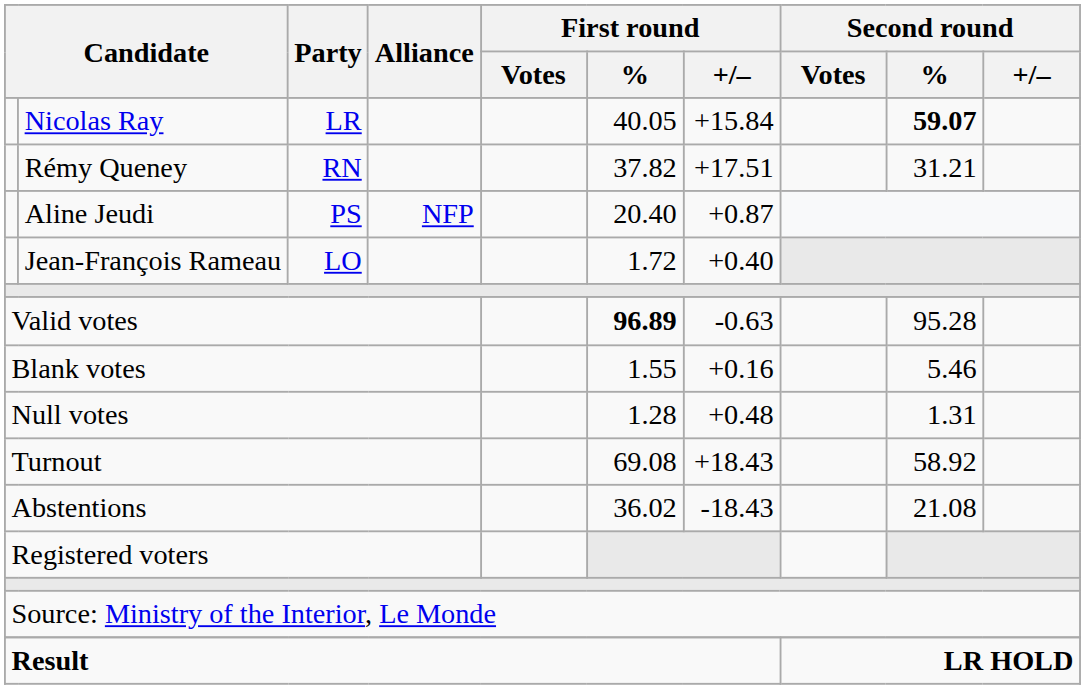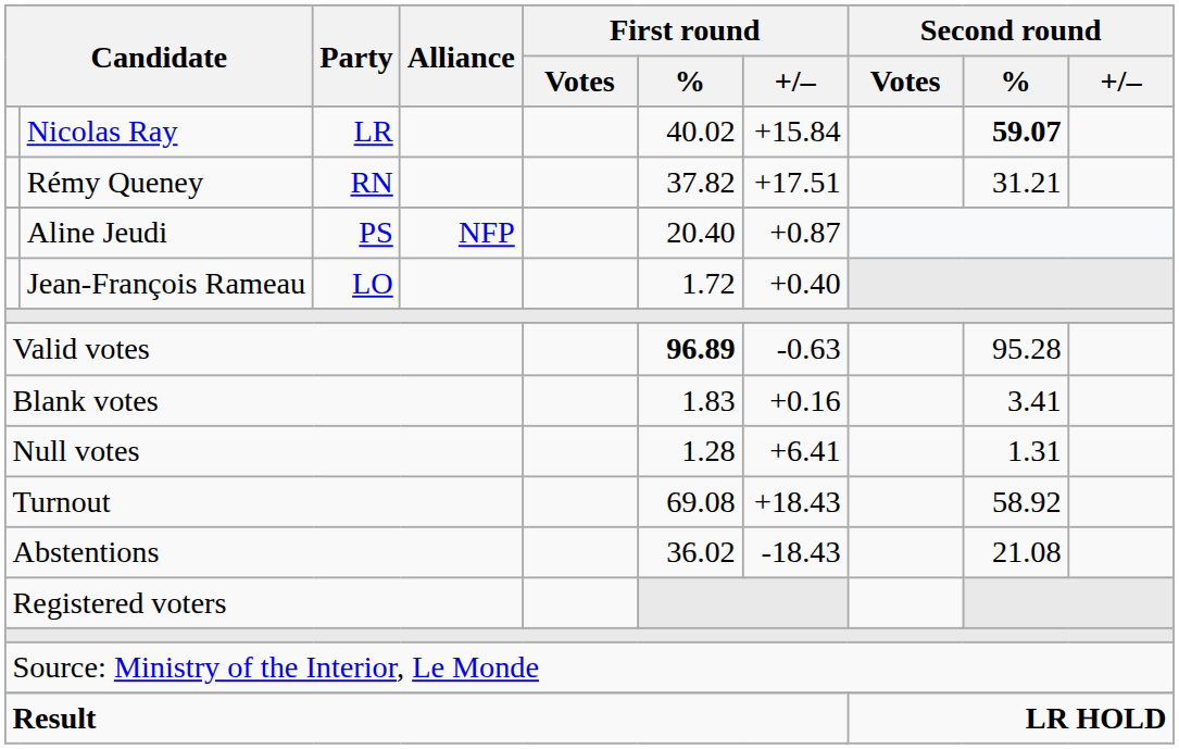 <table class="wikitable" style="text-align:right;font-size:95%;">
 <tr>
 <th rowspan="2" colspan="2">Candidate</th>
 <th rowspan="2">Party</th>
 <th rowspan="2">Alliance</th>
 <th colspan="3">First round</th>
 <th colspan="3">Second round</th>
 </tr>
 <tr>
 <th style="width:50px;">Votes</th>
 <th style="width:45px;">%</th>
 <th style="width:45px;">+/–</th>
 <th style="width:50px;">Votes</th>
 <th style="width:45px;">%</th>
 <th style="width:45px;">+/–</th>
 </tr>
 <tr>
 <td style="color:inherit;background:"></td>
 <td style="text-align:left;"><a href='#'>Nicolas Ray</a></td>
 <td><a href='#'>LR</a></td>
 <td></td>
 <td></td>
-<td>40.05</td>
+<td>40.02</td>
 <td>+15.84</td>
 <td><strong></strong></td>
 <td><strong>59.07</strong></td>
 <td></td>
 </tr>
 <tr>
 <td style="color:inherit;background:"></td>
 <td style="text-align:left;">Rémy Queney</td>
 <td><a href='#'>RN</a></td>
 <td></td>
 <td></td>
 <td>37.82</td>
 <td>+17.51</td>
 <td></td>
 <td>31.21</td>
 <td></td>
 </tr>
 <tr>
 <td style="color:inherit;background:"></td>
 <td style="text-align:left;">Aline Jeudi</td>
 <td><a href='#'>PS</a></td>
 <td><a href='#'>NFP</a></td>
 <td></td>
 <td>20.40</td>
 <td>+0.87</td>
 <td colspan="3" style="background:#F8F9FA;"></td>
 </tr>
 <tr>
 <td style="color:inherit;background:"></td>
 <td style="text-align:left;">Jean-François Rameau</td>
 <td><a href='#'>LO</a></td>
 <td></td>
 <td></td>
 <td>1.72</td>
 <td>+0.40</td>
 <td colspan="3" style="background:#E9E9E9;"></td>
 </tr>
 <tr>
 <td colspan="10" style="background:#E9E9E9;"></td>
 </tr>
 <tr>
 <td colspan="4" style="text-align:left;">Valid votes</td>
 <td></td>
 <td><strong>96.89</strong></td>
 <td>-0.63</td>
 <td></td>
 <td>95.28</td>
 <td></td>
 </tr>
 <tr>
 <td colspan="4" style="text-align:left;">Blank votes</td>
 <td></td>
-<td>1.55</td>
+<td>1.83</td>
 <td>+0.16</td>
 <td></td>
-<td>5.46</td>
+<td>3.41</td>
 <td></td>
 </tr>
 <tr>
 <td colspan="4" style="text-align:left;">Null votes</td>
 <td></td>
 <td>1.28</td>
-<td>+0.48</td>
+<td>+6.41</td>
 <td></td>
 <td>1.31</td>
 <td></td>
 </tr>
 <tr>
 <td colspan="4" style="text-align:left;">Turnout</td>
 <td></td>
 <td>69.08</td>
 <td>+18.43</td>
 <td></td>
 <td>58.92</td>
 <td></td>
 </tr>
 <tr>
 <td colspan="4" style="text-align:left;">Abstentions</td>
 <td></td>
 <td>36.02</td>
 <td>-18.43</td>
 <td></td>
 <td>21.08</td>
 <td></td>
 </tr>
 <tr>
 <td colspan="4" style="text-align:left;">Registered voters</td>
 <td></td>
 <td colspan="2" style="background:#E9E9E9;"></td>
 <td></td>
 <td colspan="2" style="background:#E9E9E9;"></td>
 </tr>
 <tr>
 <td colspan="10" style="background:#E9E9E9;"></td>
 </tr>
 <tr>
 <td colspan="10" style="text-align:left;">Source: <a href='#'>Ministry of the Interior</a>, <a href='#'>Le Monde</a></td>
 </tr>
 <tr>
 </tr>
 <tr style="font-weight:bold">
 <td colspan="7" style="text-align:left;">Result</td>
 <td colspan="7" style="background-color:">LR HOLD</td>
 </tr>
 </table>
